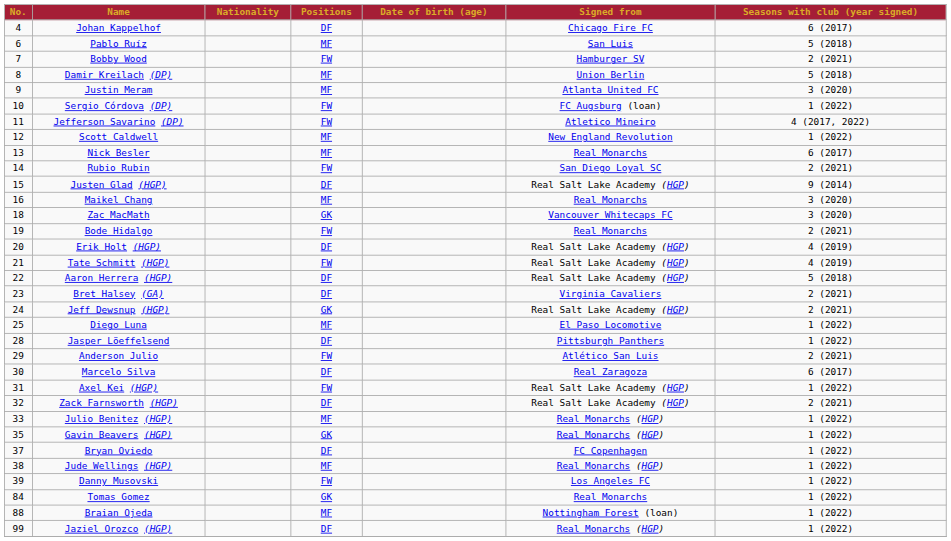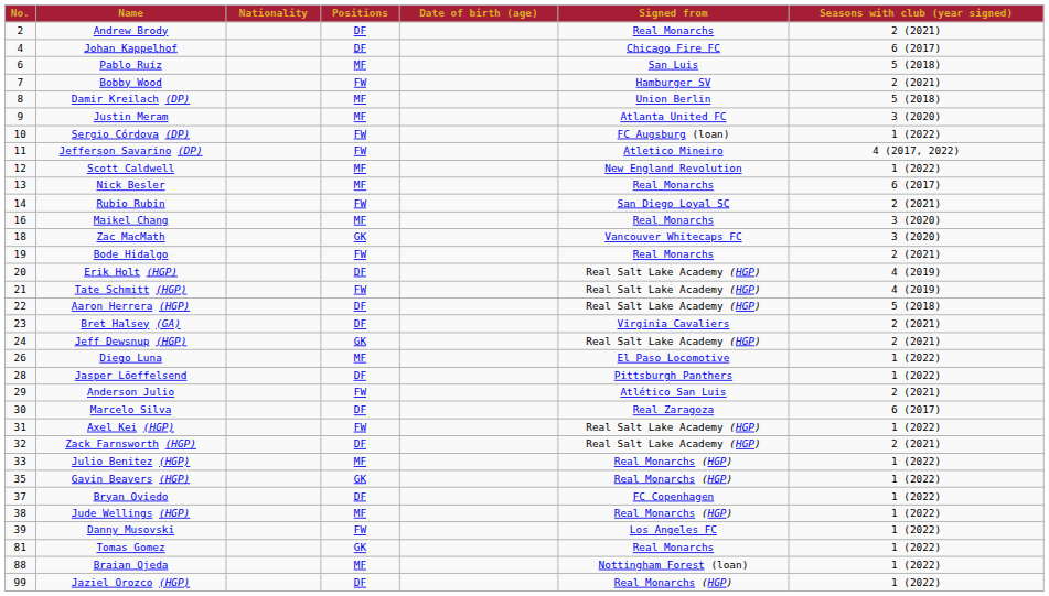 <table class="wikitable sortable" style="text-align:center; font-size:85%; width:70%;">
 <tr>
 <th style="background:#A51E36; color:#DAAC27; text-align:center;">No.</th>
 <th style="background:#A51E36; color:#DAAC27; text-align:center;">Name</th>
 <th style="background:#A51E36; color:#DAAC27; text-align:center;">Nationality</th>
 <th style="background:#A51E36; color:#DAAC27; text-align:center;">Positions</th>
 <th style="background:#A51E36; color:#DAAC27; text-align:center;">Date of birth (age)</th>
 <th style="background:#A51E36; color:#DAAC27; text-align:center;">Signed from</th>
 <th style="background:#A51E36; color:#DAAC27; text-align:center;">Seasons with club (year signed)</th>
+</tr>
+<tr>
+<td style="text-align:center;">2</td>
+<td data-sort-value="Brody"><a href='#'>Andrew Brody</a></td>
+<td></td>
+<td style="text-align:center;"><a href='#'>DF</a></td>
+<td style="text-align:center;"></td>
+<td> <a href='#'>Real Monarchs</a></td>
+<td data-sort-value="2">2 (2021)</td>
 </tr>
 <tr>
 <td style="text-align:center;">4</td>
 <td data-sort-value="Kappelhof"><a href='#'>Johan Kappelhof</a></td>
 <td></td>
 <td style="text-align:center;"><a href='#'>DF</a></td>
 <td style="text-align:center;"></td>
 <td> <a href='#'>Chicago Fire FC</a></td>
 <td data-sort-value="6">6 (2017)</td>
 </tr>
 <tr>
 <td style="text-align:center;">6</td>
 <td data-sort-value="Ruíz"><a href='#'>Pablo Ruíz</a></td>
 <td></td>
 <td style="text-align:center;"><a href='#'>MF</a></td>
 <td style="text-align:center;"></td>
 <td> <a href='#'>San Luis</a></td>
 <td data-sort-value="5">5 (2018)</td>
 </tr>
 <tr>
 <td style="text-align:center;">7</td>
 <td data-sort-value="Wood"><a href='#'>Bobby Wood</a></td>
 <td></td>
 <td style="text-align:center;"><a href='#'>FW</a></td>
 <td style="text-align:center;"></td>
 <td> <a href='#'>Hamburger SV</a></td>
 <td data-sort-value="2">2 (2021)</td>
 </tr>
 <tr>
 <td style="text-align:center;">8</td>
 <td data-sort-value="Kreilach"><a href='#'>Damir Kreilach</a> <em><a href='#'>(DP)</a></em></td>
 <td></td>
 <td style="text-align:center;"><a href='#'>MF</a></td>
 <td style="text-align:center;"></td>
 <td> <a href='#'>Union Berlin</a></td>
 <td data-sort-value="5">5 (2018)</td>
 </tr>
 <tr>
 <td style="text-align:center;">9</td>
 <td data-sort-value="Meram"><a href='#'>Justin Meram</a></td>
 <td></td>
 <td style="text-align:center;"><a href='#'>MF</a></td>
 <td style="text-align:center;"></td>
 <td> <a href='#'>Atlanta United FC</a></td>
 <td data-sort-value="3">3 (2020)</td>
 </tr>
 <tr>
 <td style="text-align:center;">10</td>
 <td data-sort-value="Córdova"><a href='#'>Sergio Córdova</a> <em><a href='#'>(DP)</a></em></td>
 <td></td>
 <td style="text-align:center;"><a href='#'>FW</a></td>
 <td style="text-align:center;"></td>
 <td> <a href='#'>FC Augsburg</a> (loan)</td>
 <td data-sort-value="1">1 (2022)</td>
 </tr>
 <tr>
 <td style="text-align:center;">11</td>
 <td data-sort-value="Savarino"><a href='#'>Jefferson Savarino</a> <em><a href='#'>(DP)</a></em></td>
 <td></td>
 <td style="text-align:center;"><a href='#'>FW</a></td>
 <td style="text-align:center;"></td>
 <td> <a href='#'>Atletico Mineiro</a></td>
 <td data-sort-value="1">4 (2017, 2022)</td>
 </tr>
 <tr>
 <td style="text-align:center;">12</td>
 <td data-sort-value="Caldwell"><a href='#'>Scott Caldwell</a></td>
 <td></td>
 <td style="text-align:center;"><a href='#'>MF</a></td>
 <td style="text-align:center;"></td>
 <td> <a href='#'>New England Revolution</a></td>
 <td data-sort-value="1">1 (2022)</td>
 </tr>
 <tr>
 <td style="text-align:center;">13</td>
 <td data-sort-value="Besler"><a href='#'>Nick Besler</a></td>
 <td></td>
 <td style="text-align:center;"><a href='#'>MF</a></td>
 <td style="text-align:center;"></td>
 <td> <a href='#'>Real Monarchs</a></td>
 <td data-sort-value="6">6 (2017)</td>
 </tr>
 <tr>
 <td style="text-align:center;">14</td>
 <td data-sort-value="Rubin"><a href='#'>Rubio Rubin</a></td>
 <td></td>
 <td style="text-align:center;"><a href='#'>FW</a></td>
 <td style="text-align:center;"></td>
 <td> <a href='#'>San Diego Loyal SC</a></td>
 <td data-sort-value="2">2 (2021)</td>
 </tr>
 <tr>
-<td style="text-align:center;">15</td>
-<td data-sort-value="Glad"><a href='#'>Justen Glad</a> <em><a href='#'>(HGP)</a></em></td>
-<td></td>
-<td style="text-align:center;"><a href='#'>DF</a></td>
-<td style="text-align:center;"></td>
-<td> Real Salt Lake Academy <em>(<a href='#'>HGP</a>)</em></td>
-<td data-sort-value="9">9 (2014)</td>
-</tr>
-<tr>
 <td style="text-align:center;">16</td>
 <td data-sort-value="Chang"><a href='#'>Maikel Chang</a></td>
 <td></td>
 <td style="text-align:center;"><a href='#'>MF</a></td>
 <td style="text-align:center;"></td>
 <td> <a href='#'>Real Monarchs</a></td>
 <td data-sort-value="3">3 (2020)</td>
 </tr>
 <tr>
 <td style="text-align:center;">18</td>
 <td data-sort-value="MacMath"><a href='#'>Zac MacMath</a></td>
 <td></td>
 <td style="text-align:center;"><a href='#'>GK</a></td>
 <td style="text-align:center;"></td>
 <td> <a href='#'>Vancouver Whitecaps FC</a></td>
 <td data-sort-value="3">3 (2020)</td>
 </tr>
 <tr>
 <td style="text-align:center;">19</td>
 <td data-sort-value="Hidalgo"><a href='#'>Bode Hidalgo</a></td>
 <td></td>
 <td style="text-align:center;"><a href='#'>FW</a></td>
 <td style="text-align:center;"></td>
 <td> <a href='#'>Real Monarchs</a></td>
 <td data-sort-value="2">2 (2021)</td>
 </tr>
 <tr>
 <td style="text-align:center;">20</td>
 <td data-sort-value="Holt"><a href='#'>Erik Holt</a> <em><a href='#'>(HGP)</a></em></td>
 <td></td>
 <td style="text-align:center;"><a href='#'>DF</a></td>
 <td style="text-align:center;"></td>
 <td> Real Salt Lake Academy <em>(<a href='#'>HGP</a>)</em></td>
 <td data-sort-value="4">4 (2019)</td>
 </tr>
 <tr>
 <td style="text-align:center;">21</td>
 <td data-sort-value="Schmitt"><a href='#'>Tate Schmitt</a> <em><a href='#'>(HGP)</a></em></td>
 <td></td>
 <td style="text-align:center;"><a href='#'>FW</a></td>
 <td style="text-align:center;"></td>
 <td> Real Salt Lake Academy <em>(<a href='#'>HGP</a>)</em></td>
 <td data-sort-value="4">4 (2019)</td>
 </tr>
 <tr>
 <td style="text-align:center;">22</td>
 <td data-sort-value="Herrera"><a href='#'>Aaron Herrera</a> <em><a href='#'>(HGP)</a></em></td>
 <td></td>
 <td style="text-align:center;"><a href='#'>DF</a></td>
 <td style="text-align:center;"></td>
 <td> Real Salt Lake Academy <em>(<a href='#'>HGP</a>)</em></td>
 <td data-sort-value="5">5 (2018)</td>
 </tr>
 <tr>
 <td style="text-align:center;">23</td>
 <td data-sort-value="Powder"><a href='#'>Bret Halsey</a> <em><a href='#'>(GA)</a></em></td>
 <td></td>
 <td style="text-align:center;"><a href='#'>DF</a></td>
 <td style="text-align:center;"></td>
 <td> <a href='#'>Virginia Cavaliers</a></td>
 <td data-sort-value="2">2 (2021)</td>
 </tr>
 <tr>
 <td style="text-align:center;">24</td>
 <td data-sort-value="Dewsnup"><a href='#'>Jeff Dewsnup</a> <em><a href='#'>(HGP)</a></em></td>
 <td></td>
 <td style="text-align:center;"><a href='#'>GK</a></td>
 <td style="text-align:center;"></td>
 <td> Real Salt Lake Academy <em>(<a href='#'>HGP</a>)</em></td>
 <td data-sort-value="2">2 (2021)</td>
 </tr>
 <tr>
-<td style="text-align:center;">25</td>
+<td style="text-align:center;">26</td>
 <td data-sort-value="Luna"><a href='#'>Diego Luna</a></td>
 <td></td>
 <td style="text-align:center;"><a href='#'>MF</a></td>
 <td style="text-align:center;"></td>
 <td> <a href='#'>El Paso Locomotive</a></td>
 <td data-sort-value="1">1 (2022)</td>
 </tr>
 <tr>
 <td style="text-align:center;">28</td>
 <td data-sort-value="Loeffelsend"><a href='#'>Jasper Löeffelsend</a></td>
 <td></td>
 <td style="text-align:center;"><a href='#'>DF</a></td>
 <td style="text-align:center;"></td>
 <td> <a href='#'>Pittsburgh Panthers</a></td>
 <td data-sort-value="1">1 (2022)</td>
 </tr>
 <tr>
 <td style="text-align:center;">29</td>
 <td data-sort-value="Julio"><a href='#'>Anderson Julio</a></td>
 <td></td>
 <td style="text-align:center;"><a href='#'>FW</a></td>
 <td style="text-align:center;"></td>
 <td> <a href='#'>Atlético San Luis</a></td>
 <td data-sort-value="2">2 (2021)</td>
 </tr>
 <tr>
 <td style="text-align:center;">30</td>
 <td data-sort-value="Silva, M"><a href='#'>Marcelo Silva</a></td>
 <td></td>
 <td style="text-align:center;"><a href='#'>DF</a></td>
 <td style="text-align:center;"></td>
 <td> <a href='#'>Real Zaragoza</a></td>
 <td data-sort-value="6">6 (2017)</td>
 </tr>
 <tr>
 <td style="text-align:center;">31</td>
 <td data-sort-value="Kei"><a href='#'>Axel Kei</a> <em><a href='#'>(HGP)</a></em></td>
 <td></td>
 <td style="text-align:center;"><a href='#'>FW</a></td>
 <td style="text-align:center;"></td>
 <td> Real Salt Lake Academy <em>(<a href='#'>HGP</a>)</em></td>
 <td data-sort-value="1">1 (2022)</td>
 </tr>
 <tr>
 <td style="text-align:center;">32</td>
 <td data-sort-value="Farnsworth"><a href='#'>Zack Farnsworth</a> <em><a href='#'>(HGP)</a></em></td>
 <td></td>
 <td style="text-align:center;"><a href='#'>DF</a></td>
 <td style="text-align:center;"></td>
 <td> Real Salt Lake Academy <em>(<a href='#'>HGP</a>)</em></td>
 <td data-sort-value="2">2 (2021)</td>
 </tr>
 <tr>
 <td style="text-align:center;">33</td>
 <td data-sort-value="Benitez"><a href='#'>Julio Benitez</a> <em><a href='#'>(HGP)</a></em></td>
 <td></td>
 <td style="text-align:center;"><a href='#'>MF</a></td>
 <td style="text-align:center;"></td>
 <td> <a href='#'>Real Monarchs</a> <em>(<a href='#'>HGP</a>)</em></td>
 <td data-sort-value="1">1 (2022)</td>
 </tr>
 <tr>
 <td style="text-align:center;">35</td>
 <td data-sort-value="Beavers"><a href='#'>Gavin Beavers</a> <em><a href='#'>(HGP)</a></em></td>
 <td></td>
 <td style="text-align:center;"><a href='#'>GK</a></td>
 <td style="text-align:center;"></td>
 <td> <a href='#'>Real Monarchs</a> <em>(<a href='#'>HGP</a>)</em></td>
 <td data-sort-value="1">1 (2022)</td>
 </tr>
 <tr>
 <td style="text-align:center;">37</td>
 <td data-sort-value="Oviedo"><a href='#'>Bryan Oviedo</a></td>
 <td></td>
 <td style="text-align:center;"><a href='#'>DF</a></td>
 <td style="text-align:center;"></td>
 <td> <a href='#'>FC Copenhagen</a></td>
 <td data-sort-value="1">1 (2022)</td>
 </tr>
 <tr>
 <td style="text-align:center;">38</td>
 <td data-sort-value="Wellings"><a href='#'>Jude Wellings</a> <em><a href='#'>(HGP)</a></em></td>
 <td></td>
 <td style="text-align:center;"><a href='#'>MF</a></td>
 <td style="text-align:center;"></td>
 <td> <a href='#'>Real Monarchs</a> <em>(<a href='#'>HGP</a>)</em></td>
 <td data-sort-value="1">1 (2022)</td>
 </tr>
 <tr>
 <td style="text-align:center;">39</td>
 <td data-sort-value="Musovski"><a href='#'>Danny Musovski</a></td>
 <td></td>
 <td style="text-align:center;"><a href='#'>FW</a></td>
 <td style="text-align:center;"></td>
 <td> <a href='#'>Los Angeles FC</a></td>
 <td data-sort-value="1">1 (2022)</td>
 </tr>
 <tr>
-<td style="text-align:center;">84</td>
+<td style="text-align:center;">81</td>
 <td data-sort-value="Gomez"><a href='#'>Tomas Gomez</a></td>
 <td></td>
 <td style="text-align:center;"><a href='#'>GK</a></td>
 <td style="text-align:center;"></td>
 <td> <a href='#'>Real Monarchs</a></td>
 <td data-sort-value="1">1 (2022)</td>
 </tr>
 <tr>
 <td style="text-align:center;">88</td>
 <td data-sort-value="Ojeda"><a href='#'>Braian Ojeda</a></td>
 <td></td>
 <td style="text-align:center;"><a href='#'>MF</a></td>
 <td style="text-align:center;"></td>
 <td> <a href='#'>Nottingham Forest</a> (loan)</td>
 <td data-sort-value="1">1 (2022)</td>
 </tr>
 <tr>
 <td style="text-align:center;">99</td>
 <td data-sort-value="Orozco"><a href='#'>Jaziel Orozco</a> <em><a href='#'>(HGP)</a></em></td>
 <td></td>
 <td style="text-align:center;"><a href='#'>DF</a></td>
 <td style="text-align:center;"></td>
 <td> <a href='#'>Real Monarchs</a> <em>(<a href='#'>HGP</a>)</em></td>
 <td data-sort-value="1">1 (2022)</td>
 </tr>
 <tr>
 </tr>
 </table>
